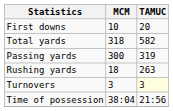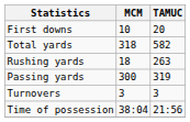 <table class="wikitable">
 <tr>
 <th>Statistics</th>
 <th>MCM</th>
 <th>TAMUC</th>
 </tr>
 <tr>
 <td>First downs</td>
 <td>10</td>
 <td>20</td>
 </tr>
 <tr>
 <td>Total yards</td>
 <td>318</td>
 <td>582</td>
 </tr>
 <tr>
+<td>Rushing yards</td>
+<td>18</td>
+<td>263</td>
+</tr>
+<tr>
 <td>Passing yards</td>
 <td>300</td>
 <td>319</td>
 </tr>
 <tr>
-<td>Rushing yards</td>
-<td>18</td>
-<td>263</td>
-</tr>
-<tr>
 <td>Turnovers</td>
 <td>3</td>
-<td style="background: lightyellow;">3</td>
+<td>3</td>
 </tr>
 <tr>
 <td>Time of possession</td>
 <td>38:04</td>
 <td>21:56</td>
 </tr>
 <tr>
 </tr>
 </table>
